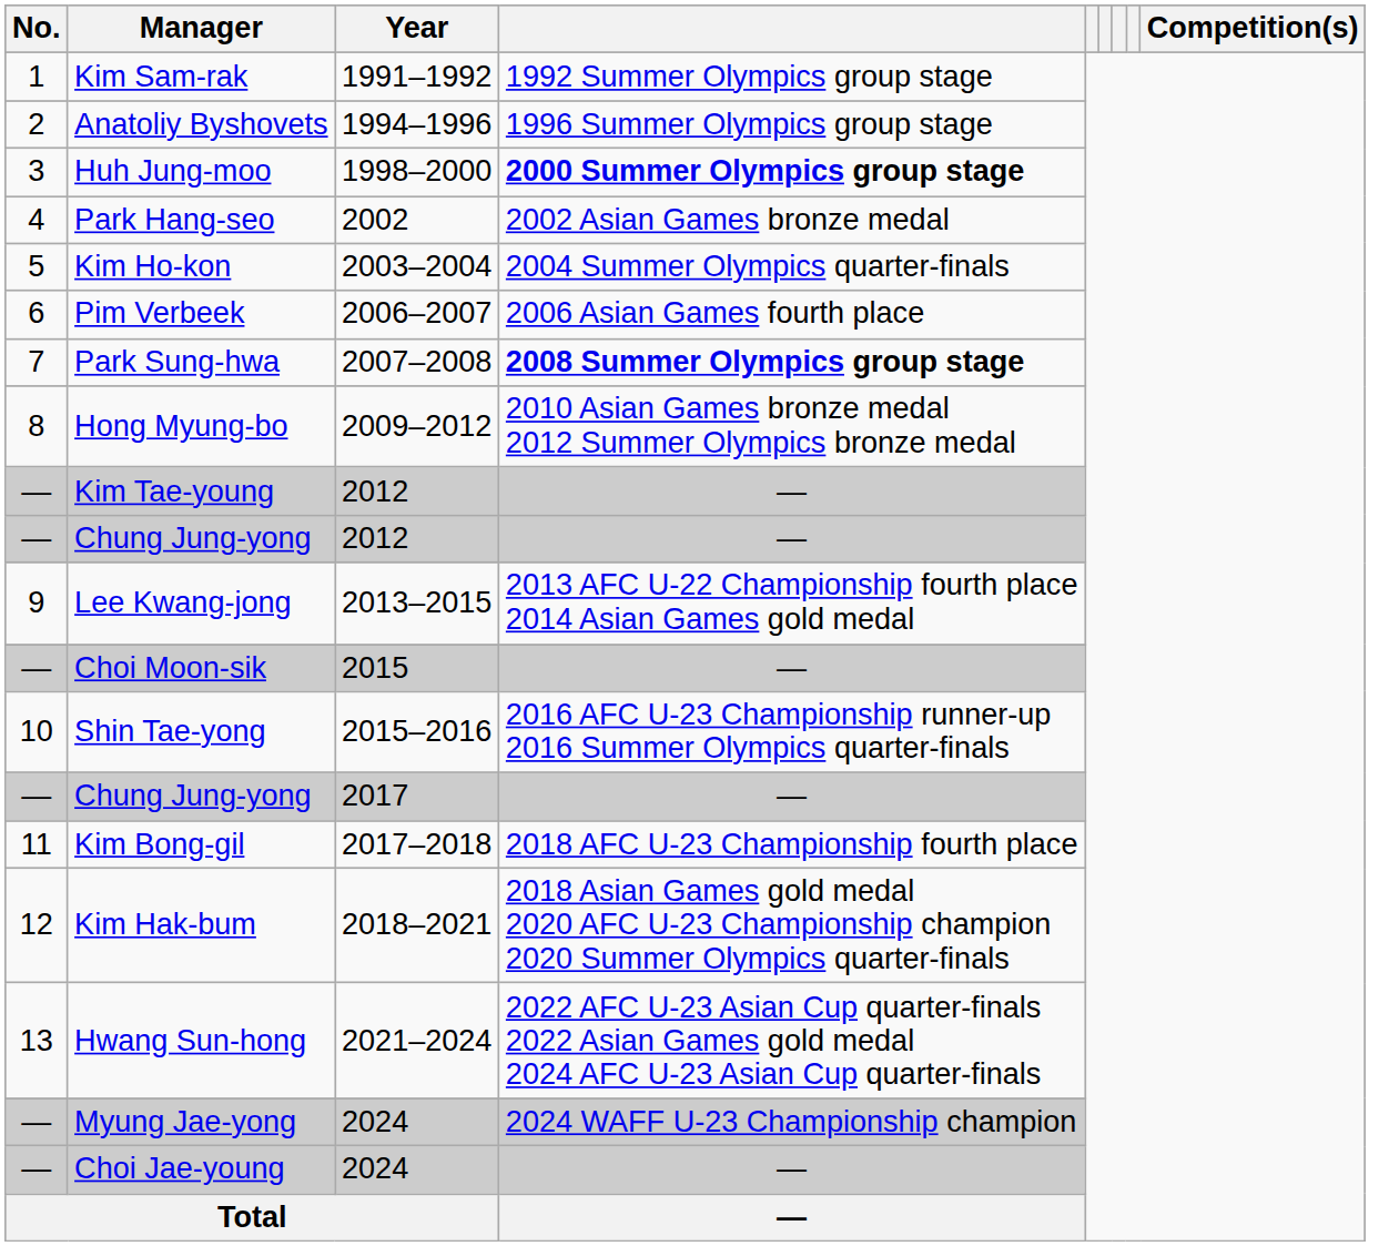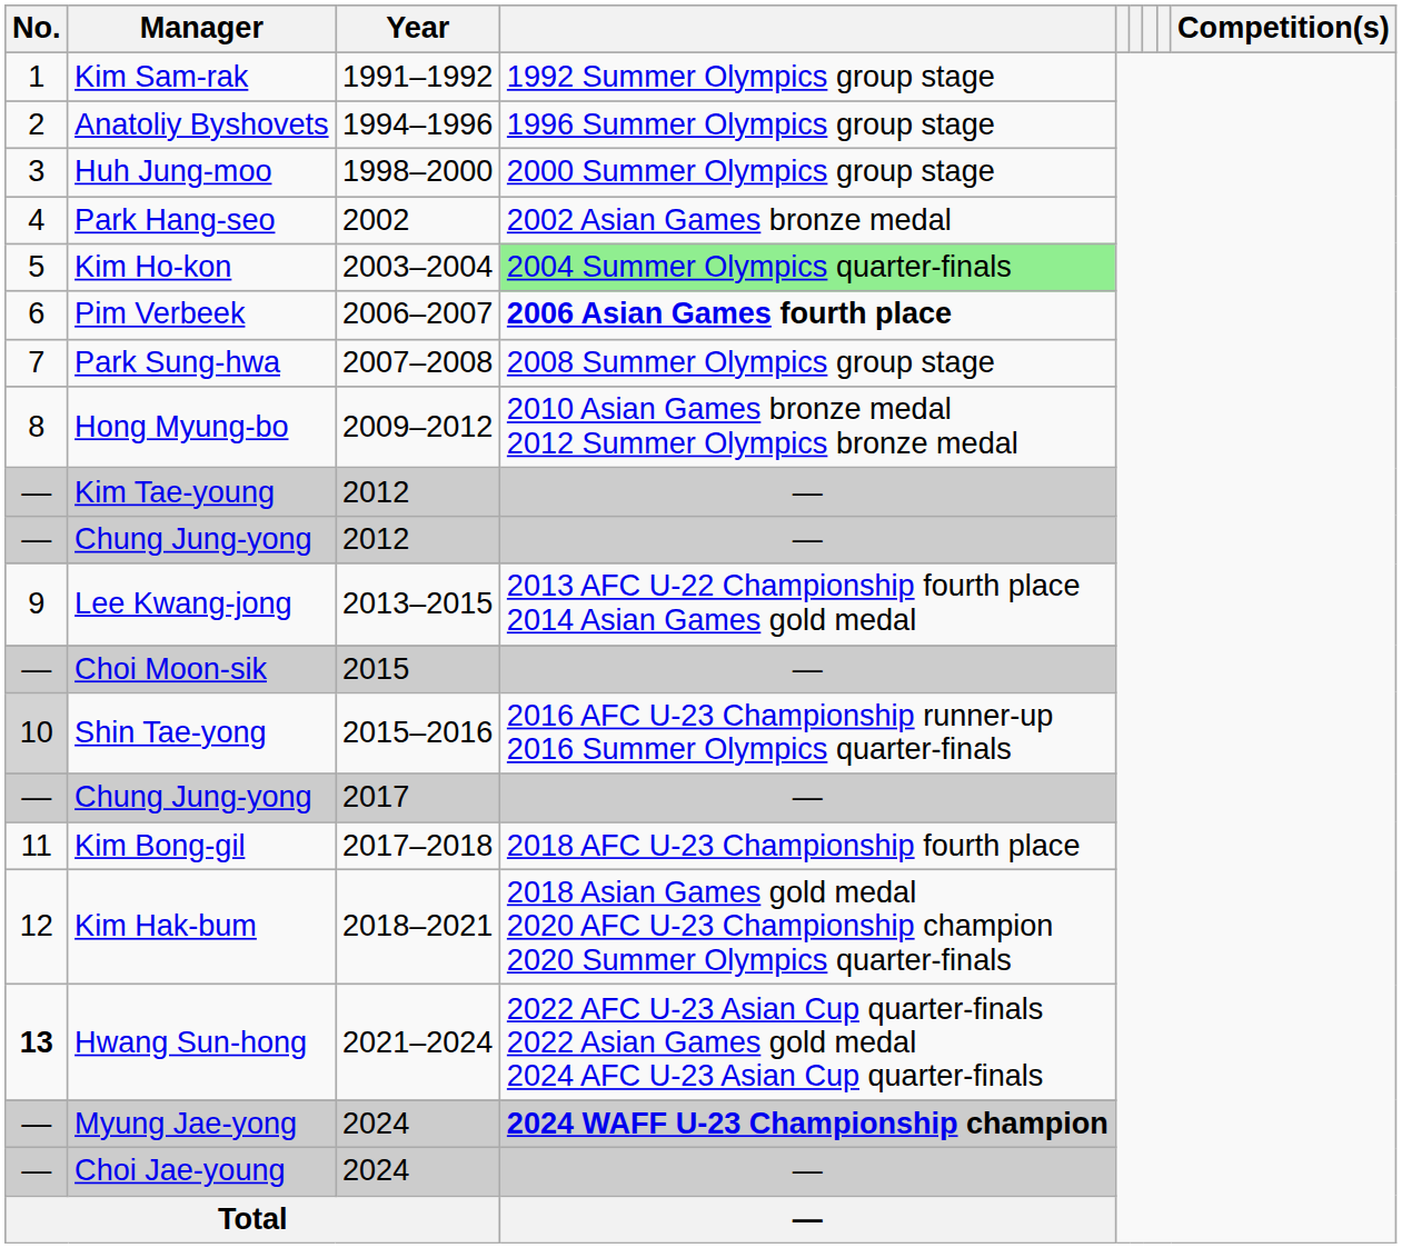 <table class="wikitable sortable plainrowheaders">
 <tr>
 <th scope="col">No.</th>
 <th scope="col">Manager</th>
 <th scope="col">Year</th>
 <th scope="col"></th>
 <th scope="col"></th>
 <th scope="col"></th>
 <th scope="col"></th>
 <th scope="col"></th>
 <th scope="col">Competition(s)</th>
 </tr>
 <tr>
 <td scope="row" style="text-align:center">1</td>
 <td> <a href='#'>Kim Sam-rak</a></td>
 <td>1991–1992<br></td>
 <td><a href='#'>1992 Summer Olympics</a> group stage</td>
 </tr>
 <tr>
 <td scope="row" style="text-align:center">2</td>
 <td> <a href='#'>Anatoliy Byshovets</a></td>
 <td>1994–1996<br></td>
 <td><a href='#'>1996 Summer Olympics</a> group stage</td>
 </tr>
 <tr>
 <td scope="row" style="text-align:center">3</td>
 <td> <a href='#'>Huh Jung-moo</a></td>
 <td>1998–2000<br></td>
-<td><strong><a href='#'>2000 Summer Olympics</a> group stage</strong></td>
+<td><a href='#'>2000 Summer Olympics</a> group stage</td>
 </tr>
 <tr>
 <td scope="row" style="text-align:center">4</td>
 <td> <a href='#'>Park Hang-seo</a></td>
 <td>2002<br></td>
 <td><a href='#'>2002 Asian Games</a> bronze medal</td>
 </tr>
 <tr>
 <td scope="row" style="text-align:center">5</td>
 <td> <a href='#'>Kim Ho-kon</a></td>
 <td>2003–2004<br></td>
-<td><a href='#'>2004 Summer Olympics</a> quarter-finals</td>
+<td style="background: lightgreen;"><a href='#'>2004 Summer Olympics</a> quarter-finals</td>
 </tr>
 <tr>
 <td scope="row" style="text-align:center">6</td>
 <td> <a href='#'>Pim Verbeek</a></td>
 <td>2006–2007<br></td>
-<td><a href='#'>2006 Asian Games</a> fourth place</td>
+<td><strong><a href='#'>2006 Asian Games</a> fourth place</strong></td>
 </tr>
 <tr>
 <td scope="row" style="text-align:center">7</td>
 <td> <a href='#'>Park Sung-hwa</a></td>
 <td>2007–2008<br></td>
-<td><strong><a href='#'>2008 Summer Olympics</a> group stage</strong></td>
+<td><a href='#'>2008 Summer Olympics</a> group stage</td>
 </tr>
 <tr>
 <td scope="row" style="text-align:center">8</td>
 <td> <a href='#'>Hong Myung-bo</a></td>
 <td>2009–2012<br></td>
 <td><a href='#'>2010 Asian Games</a> bronze medal<br><a href='#'>2012 Summer Olympics</a> bronze medal</td>
 </tr>
 <tr bgcolor=#ccc>
 <td scope="row" style="text-align:center">—</td>
 <td> <a href='#'>Kim Tae-young</a></td>
 <td>2012<br></td>
 <td align=center>—</td>
 </tr>
 <tr bgcolor=#ccc>
 <td scope="row" style="text-align:center">—</td>
 <td> <a href='#'>Chung Jung-yong</a></td>
 <td>2012<br></td>
 <td align=center>—</td>
 </tr>
 <tr>
 <td scope="row" style="text-align:center">9</td>
 <td> <a href='#'>Lee Kwang-jong</a></td>
 <td>2013–2015<br></td>
 <td><a href='#'>2013 AFC U-22 Championship</a> fourth place<br><a href='#'>2014 Asian Games</a> gold medal</td>
 </tr>
 <tr bgcolor=#ccc>
 <td scope="row" style="text-align:center">—</td>
 <td> <a href='#'>Choi Moon-sik</a></td>
 <td>2015<br></td>
 <td align=center>—</td>
 </tr>
 <tr>
-<td scope="row" style="text-align:center">10</td>
+<td scope="row" style="background: lightgrey; text-align:center">10</td>
 <td> <a href='#'>Shin Tae-yong</a></td>
 <td>2015–2016<br></td>
 <td><a href='#'>2016 AFC U-23 Championship</a> runner-up<br><a href='#'>2016 Summer Olympics</a> quarter-finals</td>
 </tr>
 <tr bgcolor=#ccc>
 <td scope="row" style="text-align:center">—</td>
 <td> <a href='#'>Chung Jung-yong</a></td>
 <td>2017<br></td>
 <td align=center>—</td>
 </tr>
 <tr>
 <td scope="row" style="text-align:center">11</td>
 <td> <a href='#'>Kim Bong-gil</a></td>
 <td>2017–2018<br></td>
 <td><a href='#'>2018 AFC U-23 Championship</a> fourth place</td>
 </tr>
 <tr>
 <td scope="row" style="text-align:center">12</td>
 <td> <a href='#'>Kim Hak-bum</a></td>
 <td>2018–2021<br></td>
 <td><a href='#'>2018 Asian Games</a> gold medal<br><a href='#'>2020 AFC U-23 Championship</a> champion<br><a href='#'>2020 Summer Olympics</a> quarter-finals</td>
 </tr>
 <tr>
-<td scope="row" style="text-align:center">13</td>
+<td scope="row" style="text-align:center"><strong>13</strong></td>
 <td> <a href='#'>Hwang Sun-hong</a></td>
 <td>2021–2024<br></td>
 <td><a href='#'>2022 AFC U-23 Asian Cup</a> quarter-finals <br><a href='#'>2022 Asian Games</a> gold medal <br><a href='#'>2024 AFC U-23 Asian Cup</a> quarter-finals</td>
 </tr>
 <tr bgcolor=#ccc>
 <td scope="row" style="text-align:center">—</td>
 <td> <a href='#'>Myung Jae-yong</a></td>
 <td>2024<br></td>
-<td><a href='#'>2024 WAFF U-23 Championship</a> champion</td>
+<td><strong><a href='#'>2024 WAFF U-23 Championship</a> champion</strong></td>
 </tr>
 <tr bgcolor=#ccc>
 <td scope="row" style="text-align:center">—</td>
 <td> <a href='#'>Choi Jae-young</a></td>
 <td>2024<br></td>
 <td align="center">—</td>
 </tr>
 <tr class="sortbottom">
 <th colspan="3">Total<br></th>
 <th>—</th>
 </tr>
 </table>
